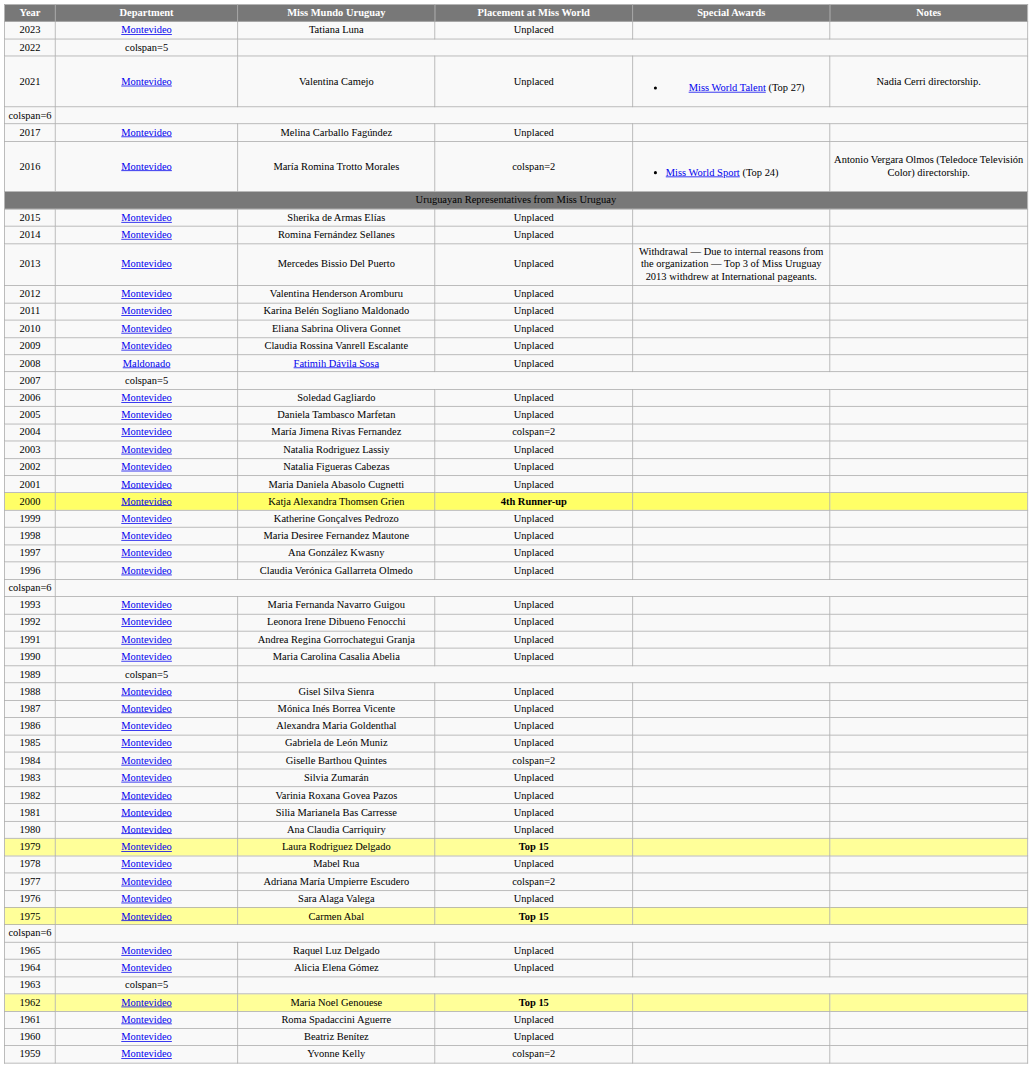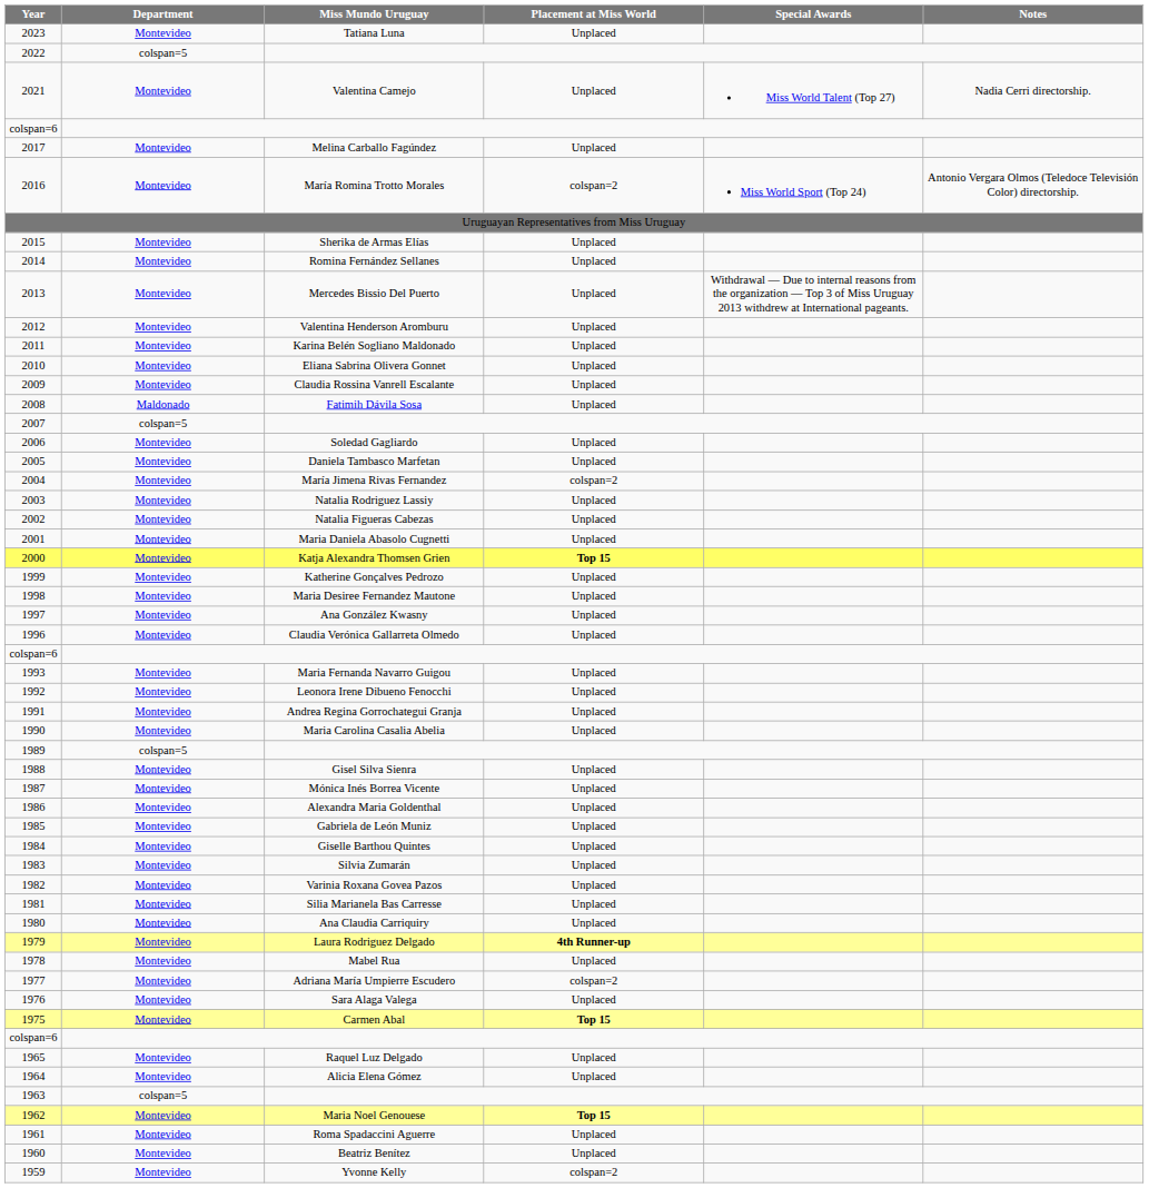 <table class="wikitable " style="font-size: 85%; text-align:center">
 <tr>
 <th style="width:60px; background:#787878; color:#fff;">Year</th>
 <th style="width:230px; background:#787878; color:#fff;">Department</th>
 <th style="width:250px; background:#787878; color:#fff;">Miss Mundo Uruguay</th>
 <th style="width:250px; background:#787878; color:#fff;">Placement at Miss World</th>
 <th style="width:250px; background:#787878; color:#fff;">Special Awards</th>
 <th style="width:250px; background:#787878; color:#fff;">Notes</th>
 </tr>
 <tr>
 <td>2023</td>
 <td><a href='#'>Montevideo</a></td>
 <td>Tatiana Luna</td>
 <td>Unplaced</td>
 <td></td>
 <td></td>
 </tr>
 <tr>
 <td>2022</td>
 <td>colspan=5 </td>
 </tr>
 <tr>
 <td>2021</td>
 <td><a href='#'>Montevideo</a></td>
 <td>Valentina Camejo</td>
 <td>Unplaced</td>
 <td><br><ul><li><a href='#'>Miss World Talent</a> (Top 27)</li></ul></td>
 <td>Nadia Cerri directorship.</td>
 </tr>
 <tr>
 <td>colspan=6 </td>
 </tr>
 <tr>
 <td>2017</td>
 <td><a href='#'>Montevideo</a></td>
 <td>Melina Carballo Fagúndez</td>
 <td>Unplaced</td>
 <td></td>
 <td></td>
 </tr>
 <tr>
 <td>2016</td>
 <td><a href='#'>Montevideo</a></td>
 <td>María Romina Trotto Morales</td>
 <td>colspan=2 </td>
 <td style="text-align:left;"><br><ul><li><a href='#'>Miss World Sport</a> (Top 24)</li></ul></td>
 <td>Antonio Vergara Olmos (Teledoce Televisión Color) directorship.</td>
 </tr>
 <tr style="background:#787878; text-align:center;">
 <td colspan="6"><span>Uruguayan Representatives from Miss Uruguay</span></td>
 </tr>
 <tr>
 <td>2015</td>
 <td><a href='#'>Montevideo</a></td>
 <td>Sherika de Armas Elías</td>
 <td>Unplaced</td>
 <td></td>
 <td></td>
 </tr>
 <tr>
 <td>2014</td>
 <td><a href='#'>Montevideo</a></td>
 <td>Romina Fernández Sellanes</td>
 <td>Unplaced</td>
 <td></td>
 <td></td>
 </tr>
 <tr>
 <td>2013</td>
 <td><a href='#'>Montevideo</a></td>
 <td>Mercedes Bissio Del Puerto</td>
 <td>Unplaced</td>
 <td>Withdrawal — Due to internal reasons from the organization — Top 3 of Miss Uruguay 2013 withdrew at International pageants.</td>
 </tr>
 <tr>
 <td>2012</td>
 <td><a href='#'>Montevideo</a></td>
 <td>Valentina Henderson Aromburu</td>
 <td>Unplaced</td>
 <td></td>
 <td></td>
 </tr>
 <tr>
 <td>2011</td>
 <td><a href='#'>Montevideo</a></td>
 <td>Karina Belén Sogliano Maldonado</td>
 <td>Unplaced</td>
 <td></td>
 <td></td>
 </tr>
 <tr>
 <td>2010</td>
 <td><a href='#'>Montevideo</a></td>
 <td>Eliana Sabrina Olivera Gonnet</td>
 <td>Unplaced</td>
 <td></td>
 <td></td>
 </tr>
 <tr>
 <td>2009</td>
 <td><a href='#'>Montevideo</a></td>
 <td>Claudia Rossina Vanrell Escalante</td>
 <td>Unplaced</td>
 <td></td>
 <td></td>
 </tr>
 <tr>
 <td>2008</td>
 <td><a href='#'>Maldonado</a></td>
 <td><a href='#'>Fatimih Dávila Sosa</a></td>
 <td>Unplaced</td>
 <td></td>
 <td></td>
 </tr>
 <tr>
 <td>2007</td>
 <td>colspan=5 </td>
 </tr>
 <tr>
 <td>2006</td>
 <td><a href='#'>Montevideo</a></td>
 <td>Soledad Gagliardo</td>
 <td>Unplaced</td>
 <td></td>
 <td></td>
 </tr>
 <tr>
 <td>2005</td>
 <td><a href='#'>Montevideo</a></td>
 <td>Daniela Tambasco Marfetan</td>
 <td>Unplaced</td>
 <td></td>
 <td></td>
 </tr>
 <tr>
 <td>2004</td>
 <td><a href='#'>Montevideo</a></td>
 <td>María Jimena Rivas Fernandez</td>
 <td>colspan=2 </td>
 <td></td>
 </tr>
 <tr>
 <td>2003</td>
 <td><a href='#'>Montevideo</a></td>
 <td>Natalia Rodriguez Lassiy</td>
 <td>Unplaced</td>
 <td></td>
 <td></td>
 </tr>
 <tr>
 <td>2002</td>
 <td><a href='#'>Montevideo</a></td>
 <td>Natalia Figueras Cabezas</td>
 <td>Unplaced</td>
 <td></td>
 <td></td>
 </tr>
 <tr>
 <td>2001</td>
 <td><a href='#'>Montevideo</a></td>
 <td>Maria Daniela Abasolo Cugnetti</td>
 <td>Unplaced</td>
 <td></td>
 <td></td>
 </tr>
 <tr style="background:#ff6;">
 <td>2000</td>
 <td><a href='#'>Montevideo</a></td>
 <td>Katja Alexandra Thomsen Grien</td>
-<td><strong>4th Runner-up</strong></td>
+<td><strong>Top 15</strong></td>
 <td></td>
 <td></td>
 </tr>
 <tr>
 <td>1999</td>
 <td><a href='#'>Montevideo</a></td>
 <td>Katherine Gonçalves Pedrozo</td>
 <td>Unplaced</td>
 <td></td>
 <td></td>
 </tr>
 <tr>
 <td>1998</td>
 <td><a href='#'>Montevideo</a></td>
 <td>Maria Desiree Fernandez Mautone</td>
 <td>Unplaced</td>
 <td></td>
 <td></td>
 </tr>
 <tr>
 <td>1997</td>
 <td><a href='#'>Montevideo</a></td>
 <td>Ana González Kwasny</td>
 <td>Unplaced</td>
 <td></td>
 <td></td>
 </tr>
 <tr>
 <td>1996</td>
 <td><a href='#'>Montevideo</a></td>
 <td>Claudia Verónica Gallarreta Olmedo</td>
 <td>Unplaced</td>
 <td></td>
 <td></td>
 </tr>
 <tr>
 <td>colspan=6 </td>
 </tr>
 <tr>
 <td>1993</td>
 <td><a href='#'>Montevideo</a></td>
 <td>Maria Fernanda Navarro Guigou</td>
 <td>Unplaced</td>
 <td></td>
 <td></td>
 </tr>
 <tr>
 <td>1992</td>
 <td><a href='#'>Montevideo</a></td>
 <td>Leonora Irene Dibueno Fenocchi</td>
 <td>Unplaced</td>
 <td></td>
 <td></td>
 </tr>
 <tr>
 <td>1991</td>
 <td><a href='#'>Montevideo</a></td>
 <td>Andrea Regina Gorrochategui Granja</td>
 <td>Unplaced</td>
 <td></td>
 <td></td>
 </tr>
 <tr>
 <td>1990</td>
 <td><a href='#'>Montevideo</a></td>
 <td>Maria Carolina Casalia Abelia</td>
 <td>Unplaced</td>
 <td></td>
 <td></td>
 </tr>
 <tr>
 <td>1989</td>
 <td>colspan=5 </td>
 </tr>
 <tr>
 <td>1988</td>
 <td><a href='#'>Montevideo</a></td>
 <td>Gisel Silva Sienra</td>
 <td>Unplaced</td>
 <td></td>
 <td></td>
 </tr>
 <tr>
 <td>1987</td>
 <td><a href='#'>Montevideo</a></td>
 <td>Mónica Inés Borrea Vicente</td>
 <td>Unplaced</td>
 <td></td>
 <td></td>
 </tr>
 <tr>
 <td>1986</td>
 <td><a href='#'>Montevideo</a></td>
 <td>Alexandra Maria Goldenthal</td>
 <td>Unplaced</td>
 <td></td>
 <td></td>
 </tr>
 <tr>
 <td>1985</td>
 <td><a href='#'>Montevideo</a></td>
 <td>Gabriela de León Muniz</td>
 <td>Unplaced</td>
 <td></td>
 <td></td>
 </tr>
 <tr>
 <td>1984</td>
 <td><a href='#'>Montevideo</a></td>
 <td>Giselle Barthou Quintes</td>
-<td>colspan=2 </td>
+<td>Unplaced</td>
 <td></td>
 <td></td>
 </tr>
 <tr>
 <td>1983</td>
 <td><a href='#'>Montevideo</a></td>
 <td>Silvia Zumarán</td>
 <td>Unplaced</td>
 <td></td>
 <td></td>
 </tr>
 <tr>
 <td>1982</td>
 <td><a href='#'>Montevideo</a></td>
 <td>Varinia Roxana Govea Pazos</td>
 <td>Unplaced</td>
 <td></td>
 <td></td>
 </tr>
 <tr>
 <td>1981</td>
 <td><a href='#'>Montevideo</a></td>
 <td>Silia Marianela Bas Carresse</td>
 <td>Unplaced</td>
 <td></td>
 <td></td>
 </tr>
 <tr>
 <td>1980</td>
 <td><a href='#'>Montevideo</a></td>
 <td>Ana Claudia Carriquiry</td>
 <td>Unplaced</td>
 <td></td>
 <td></td>
 </tr>
 <tr style="background:#ff9;">
 <td>1979</td>
 <td><a href='#'>Montevideo</a></td>
 <td>Laura Rodriguez Delgado</td>
-<td><strong>Top 15</strong></td>
+<td><strong>4th Runner-up</strong></td>
 <td></td>
 <td></td>
 </tr>
 <tr>
 <td>1978</td>
 <td><a href='#'>Montevideo</a></td>
 <td>Mabel Rua</td>
 <td>Unplaced</td>
 <td></td>
 <td></td>
 </tr>
 <tr>
 <td>1977</td>
 <td><a href='#'>Montevideo</a></td>
 <td>Adriana María Umpierre Escudero</td>
 <td>colspan=2 </td>
 <td></td>
 <td></td>
 </tr>
 <tr>
 <td>1976</td>
 <td><a href='#'>Montevideo</a></td>
 <td>Sara Alaga Valega</td>
 <td>Unplaced</td>
 <td></td>
 <td></td>
 </tr>
 <tr style="background:#ff9;">
 <td>1975</td>
 <td><a href='#'>Montevideo</a></td>
 <td>Carmen Abal</td>
 <td><strong>Top 15</strong></td>
 <td></td>
 <td></td>
 </tr>
 <tr>
 <td>colspan=6 </td>
 </tr>
 <tr>
 <td>1965</td>
 <td><a href='#'>Montevideo</a></td>
 <td>Raquel Luz Delgado</td>
 <td>Unplaced</td>
 <td></td>
 <td></td>
 </tr>
 <tr>
 <td>1964</td>
 <td><a href='#'>Montevideo</a></td>
 <td>Alicia Elena Gómez</td>
 <td>Unplaced</td>
 <td></td>
 <td></td>
 </tr>
 <tr>
 <td>1963</td>
 <td>colspan=5 </td>
 </tr>
 <tr style="background:#ff9;">
 <td>1962</td>
 <td><a href='#'>Montevideo</a></td>
 <td>Maria Noel Genouese</td>
 <td><strong>Top 15</strong></td>
 <td></td>
 <td></td>
 </tr>
 <tr>
 <td>1961</td>
 <td><a href='#'>Montevideo</a></td>
 <td>Roma Spadaccini Aguerre</td>
 <td>Unplaced</td>
 <td></td>
 <td></td>
 </tr>
 <tr>
 <td>1960</td>
 <td><a href='#'>Montevideo</a></td>
 <td>Beatriz Benítez</td>
 <td>Unplaced</td>
 <td></td>
 <td></td>
 </tr>
 <tr>
 <td>1959</td>
 <td><a href='#'>Montevideo</a></td>
 <td>Yvonne Kelly</td>
 <td>colspan=2 </td>
 <td></td>
 <td></td>
 </tr>
 </table>
